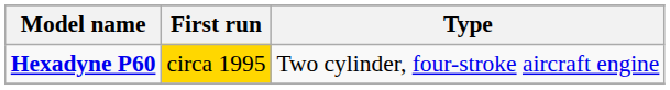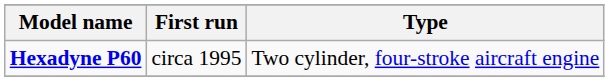 <table class="wikitable" align=center style="font-size:90%;">
 <tr>
 </tr>
 <tr style="background:#efefef;">
 <th>Model name</th>
 <th>First run</th>
 <th>Type</th>
 </tr>
 <tr>
 <td align=left><strong><a href='#'>Hexadyne P60</a></strong></td>
-<td align=center style="background: gold;">circa 1995</td>
+<td align=center>circa 1995</td>
 <td align=left>Two cylinder, <a href='#'>four-stroke</a> <a href='#'>aircraft engine</a></td>
 </tr>
 <tr>
 </tr>
 </table>
